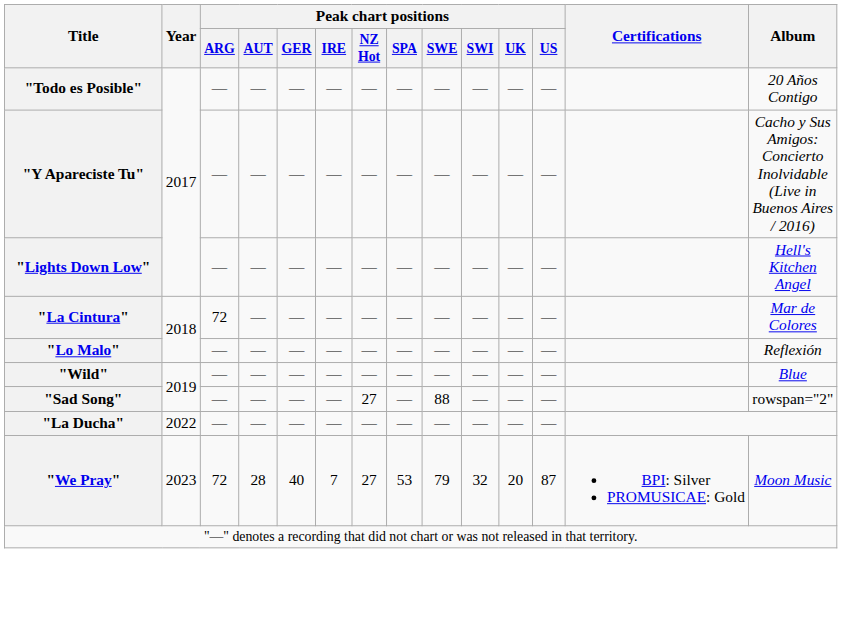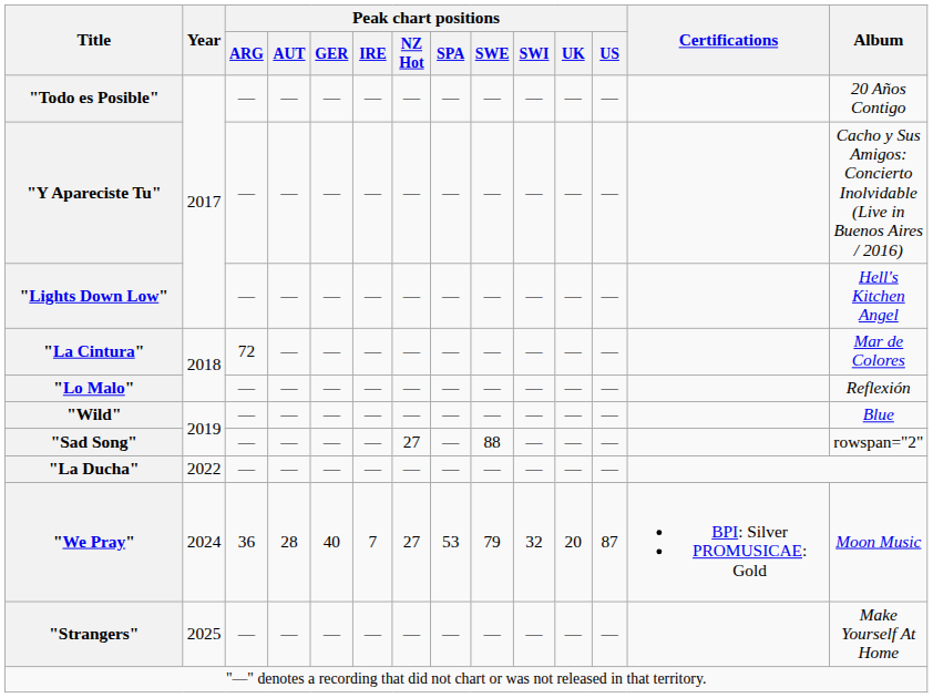 <table class="wikitable plainrowheaders" style="text-align:center;">
 <tr>
 <th scope="col" rowspan="2" style="width:15.5em;">Title</th>
 <th scope="col" rowspan="2" style="width:1em;">Year</th>
 <th scope="col" colspan="10">Peak chart positions</th>
 <th scope="col" rowspan="2" style="width:14em;"><a href='#'>Certifications</a></th>
 <th scope="col" rowspan="2">Album</th>
 </tr>
 <tr>
 <th scope="col" style="width:2.5em;font-size:90%;"><a href='#'>ARG</a><br></th>
 <th scope="col" style="width:2.5em;font-size:90%;"><a href='#'>AUT</a><br></th>
 <th scope="col" style="width:2.5em;font-size:90%;"><a href='#'>GER</a><br></th>
 <th scope="col" style="width:2.5em;font-size:90%;"><a href='#'>IRE</a><br></th>
 <th scope="col" style="width:2.5em;font-size:90%;"><a href='#'>NZ<br>Hot</a><br></th>
 <th scope="col" style="width:2.5em;font-size:90%;"><a href='#'>SPA</a><br></th>
 <th scope="col" style="width:2.5em;font-size:90%;"><a href='#'>SWE</a><br></th>
 <th scope="col" style="width:2.5em;font-size:90%;"><a href='#'>SWI</a><br></th>
 <th scope="col" style="width:2.5em;font-size:90%;"><a href='#'>UK</a><br></th>
 <th scope="col" style="width:2.5em;font-size:90%;"><a href='#'>US</a><br></th>
 </tr>
 <tr>
 <th scope="row">"Todo es Posible"<br></th>
 <td rowspan="3">2017</td>
 <td>—</td>
 <td>—</td>
 <td>—</td>
 <td>—</td>
 <td>—</td>
 <td>—</td>
 <td>—</td>
 <td>—</td>
 <td>—</td>
 <td>—</td>
 <td></td>
 <td><em>20 Años Contigo</em></td>
 </tr>
 <tr>
 <th scope="row">"Y Apareciste Tu" <br></th>
 <td>—</td>
 <td>—</td>
 <td>—</td>
 <td>—</td>
 <td>—</td>
 <td>—</td>
 <td>—</td>
 <td>—</td>
 <td>—</td>
 <td>—</td>
 <td></td>
 <td><em>Cacho y Sus Amigos: Concierto Inolvidable (Live in Buenos Aires / 2016)</em></td>
 </tr>
 <tr>
 <th scope="row">"<a href='#'>Lights Down Low</a>" <br></th>
 <td>—</td>
 <td>—</td>
 <td>—</td>
 <td>—</td>
 <td>—</td>
 <td>—</td>
 <td>—</td>
 <td>—</td>
 <td>—</td>
 <td>—</td>
 <td></td>
 <td><em><a href='#'>Hell's Kitchen Angel</a></em></td>
 </tr>
 <tr>
 <th scope="row">"<a href='#'>La Cintura</a>" <br></th>
 <td rowspan="2">2018</td>
 <td>72</td>
 <td>—</td>
 <td>—</td>
 <td>—</td>
 <td>—</td>
 <td>—</td>
 <td>—</td>
 <td>—</td>
 <td>—</td>
 <td>—</td>
 <td></td>
 <td><em><a href='#'>Mar de Colores</a></em></td>
 </tr>
 <tr>
 <th scope="row">"<a href='#'>Lo Malo</a>" <br></th>
 <td>—</td>
 <td>—</td>
 <td>—</td>
 <td>—</td>
 <td>—</td>
 <td>—</td>
 <td>—</td>
 <td>—</td>
 <td>—</td>
 <td>—</td>
 <td></td>
 <td><em>Reflexión</em></td>
 </tr>
 <tr>
 <th scope="row">"Wild"<br></th>
 <td rowspan="2">2019</td>
 <td>—</td>
 <td>—</td>
 <td>—</td>
 <td>—</td>
 <td>—</td>
 <td>—</td>
 <td>—</td>
 <td>—</td>
 <td>—</td>
 <td>—</td>
 <td></td>
 <td><em><a href='#'>Blue</a></em></td>
 </tr>
 <tr>
 <th scope="row">"Sad Song"<br></th>
 <td>—</td>
 <td>—</td>
 <td>—</td>
 <td>—</td>
 <td>27</td>
 <td>—</td>
 <td>88</td>
 <td>—</td>
 <td>—</td>
 <td>—</td>
 <td></td>
 <td>rowspan="2" </td>
 </tr>
 <tr>
 <th scope="row">"La Ducha" <br></th>
 <td>2022</td>
 <td>—</td>
 <td>—</td>
 <td>—</td>
 <td>—</td>
 <td>—</td>
 <td>—</td>
 <td>—</td>
 <td>—</td>
 <td>—</td>
 <td>—</td>
 </tr>
 <tr>
 <th scope="row">"<a href='#'>We Pray</a>"<br></th>
-<td>2023</td>
-<td>72</td>
+<td>2024</td>
+<td>36</td>
 <td>28</td>
 <td>40</td>
 <td>7</td>
 <td>27</td>
 <td>53</td>
 <td>79</td>
 <td>32</td>
 <td>20</td>
 <td>87</td>
 <td><br><ul><li><a href='#'>BPI</a>: Silver</li><li><a href='#'>PROMUSICAE</a>: Gold</li></ul></td>
 <td><em><a href='#'>Moon Music</a></em></td>
 </tr>
 <tr>
+<th scope="row">"Strangers"<br></th>
+<td>2025</td>
+<td>—</td>
+<td>—</td>
+<td>—</td>
+<td>—</td>
+<td>—</td>
+<td>—</td>
+<td>—</td>
+<td>—</td>
+<td>—</td>
+<td>—</td>
+<td></td>
+<td><em>Make Yourself At Home</em></td>
+</tr>
+<tr>
 <td colspan="14" style="font-size:90%">"—" denotes a recording that did not chart or was not released in that territory.</td>
 </tr>
 </table>
